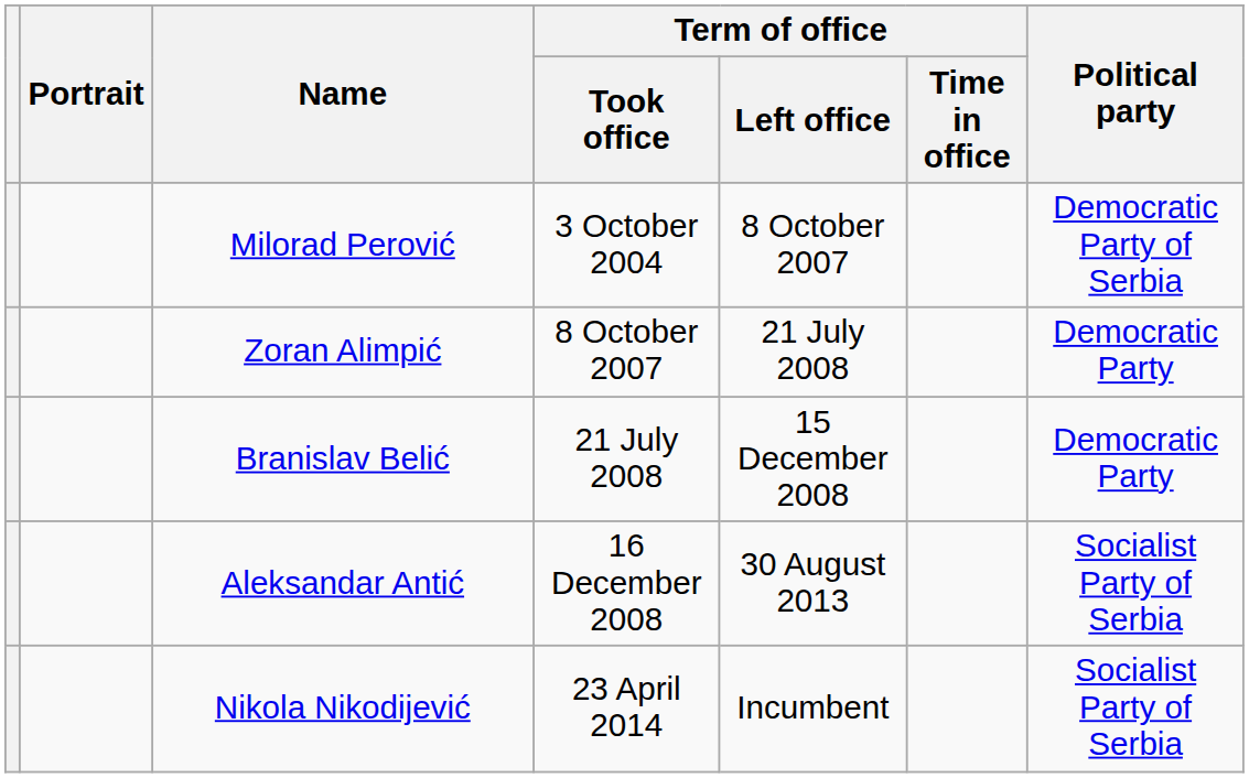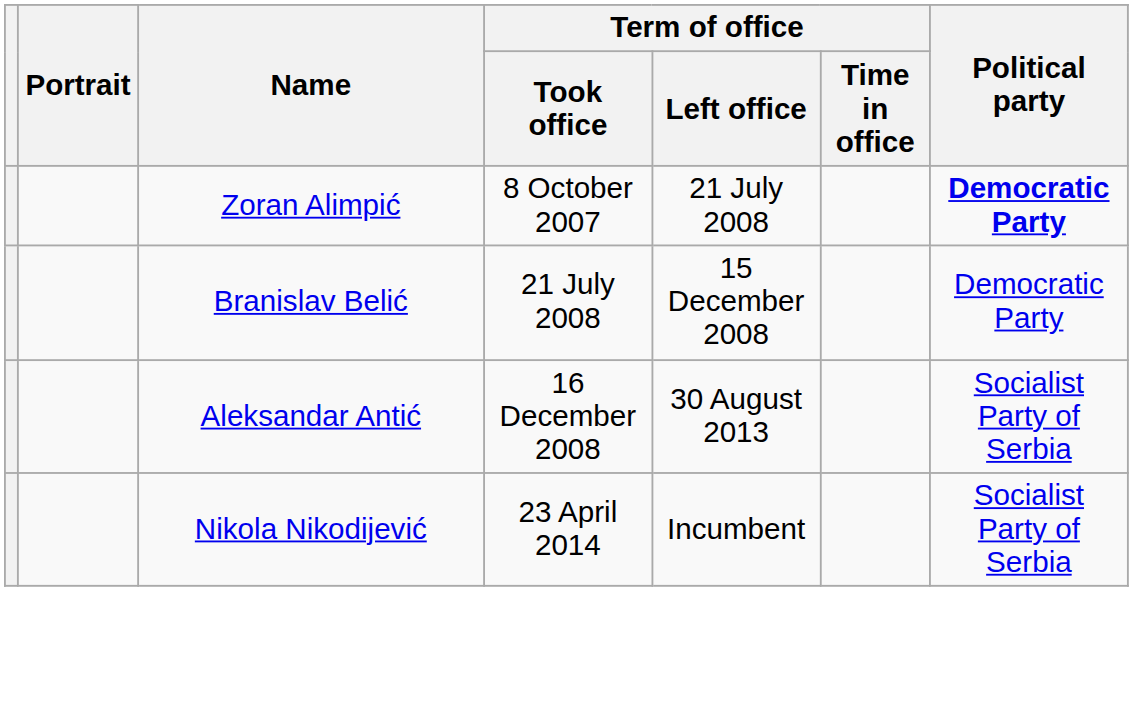 <table class="wikitable" style="text-align:center;">
 <tr>
 <th rowspan=2></th>
 <th rowspan=2>Portrait</th>
 <th rowspan=2 width=180>Name<br></th>
 <th colspan=3>Term of office</th>
 <th rowspan=2>Political party</th>
 </tr>
 <tr>
 <th>Took office</th>
 <th>Left office</th>
 <th>Time in office</th>
 </tr>
 <tr>
 <th style="background:"></th>
 <td></td>
-<td><a href='#'>Milorad Perović</a><br></td>
-<td>3 October 2004</td>
-<td>8 October 2007</td>
-<td></td>
-<td><a href='#'>Democratic Party of Serbia</a></td>
-</tr>
-<tr>
-<th style="background:"></th>
-<td></td>
 <td><a href='#'>Zoran Alimpić</a><br></td>
 <td>8 October 2007</td>
 <td>21 July 2008</td>
 <td></td>
-<td><a href='#'>Democratic Party</a></td>
+<td><strong><a href='#'>Democratic Party</a></strong></td>
 </tr>
 <tr>
 <th style="background:"></th>
 <td></td>
 <td><a href='#'>Branislav Belić</a><br></td>
 <td>21 July 2008</td>
 <td>15 December 2008</td>
 <td></td>
 <td><a href='#'>Democratic Party</a></td>
 </tr>
 <tr>
 <th style="background:"></th>
 <td></td>
 <td><a href='#'>Aleksandar Antić</a><br></td>
 <td>16 December 2008</td>
 <td>30 August 2013</td>
 <td></td>
 <td><a href='#'>Socialist Party of Serbia</a></td>
 </tr>
 <tr>
 <th style="background:"></th>
 <td></td>
 <td><a href='#'>Nikola Nikodijević</a><br></td>
 <td>23 April 2014</td>
 <td>Incumbent</td>
 <td></td>
 <td><a href='#'>Socialist Party of Serbia</a></td>
 </tr>
 </table>
